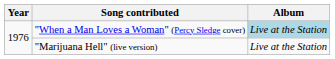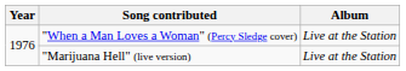 <table class="wikitable">
 <tr>
 <th style="width:35px;">Year</th>
 <th>Song contributed</th>
 <th>Album</th>
 </tr>
 <tr>
 <td style="text-align:center;" rowspan="2">1976</td>
 <td>"<a href='#'>When a Man Loves a Woman</a>" <small>(<a href='#'>Percy Sledge</a> cover)</small></td>
-<td style="background: lightblue;"><em>Live at the Station</em></td>
+<td><em>Live at the Station</em></td>
 </tr>
 <tr>
 <td>"Marijuana Hell" <small>(live version)</small></td>
 <td><em>Live at the Station</em></td>
 </tr>
 </table>
